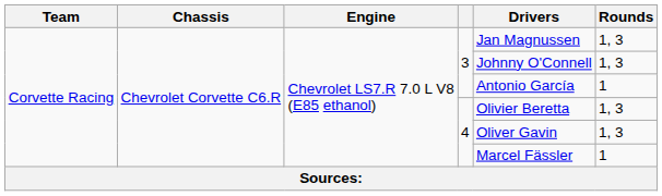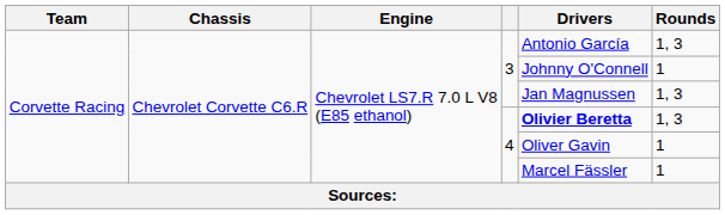 <table class="wikitable" style="font-size: 85%">
 <tr>
 <th>Team</th>
 <th>Chassis</th>
 <th>Engine</th>
 <th></th>
 <th>Drivers</th>
 <th>Rounds</th>
 </tr>
 <tr>
 <td rowspan="6"> <a href='#'>Corvette Racing</a></td>
 <td rowspan="6"><a href='#'>Chevrolet Corvette C6.R</a></td>
 <td rowspan="6"><a href='#'>Chevrolet LS7.R</a> 7.0 L V8<br>(<a href='#'>E85</a> <a href='#'>ethanol</a>)</td>
 <td rowspan="3" align="center">3</td>
+<td> <a href='#'>Antonio García</a></td>
+<td>1, 3</td>
+</tr>
+<tr>
+<td> <a href='#'>Johnny O'Connell</a></td>
+<td>1</td>
+</tr>
+<tr>
 <td> <a href='#'>Jan Magnussen</a></td>
 <td>1, 3</td>
 </tr>
 <tr>
-<td> <a href='#'>Johnny O'Connell</a></td>
-<td>1, 3</td>
-</tr>
-<tr>
-<td> <a href='#'>Antonio García</a></td>
-<td>1</td>
-</tr>
-<tr>
 <td rowspan="3" align="center">4</td>
-<td> <a href='#'>Olivier Beretta</a></td>
+<td><strong> <a href='#'>Olivier Beretta</a></strong></td>
 <td>1, 3</td>
 </tr>
 <tr>
 <td> <a href='#'>Oliver Gavin</a></td>
-<td>1, 3</td>
+<td>1</td>
 </tr>
 <tr>
 <td> <a href='#'>Marcel Fässler</a></td>
 <td>1</td>
 </tr>
 <tr>
 <th colspan="6">Sources:</th>
 </tr>
 </table>
